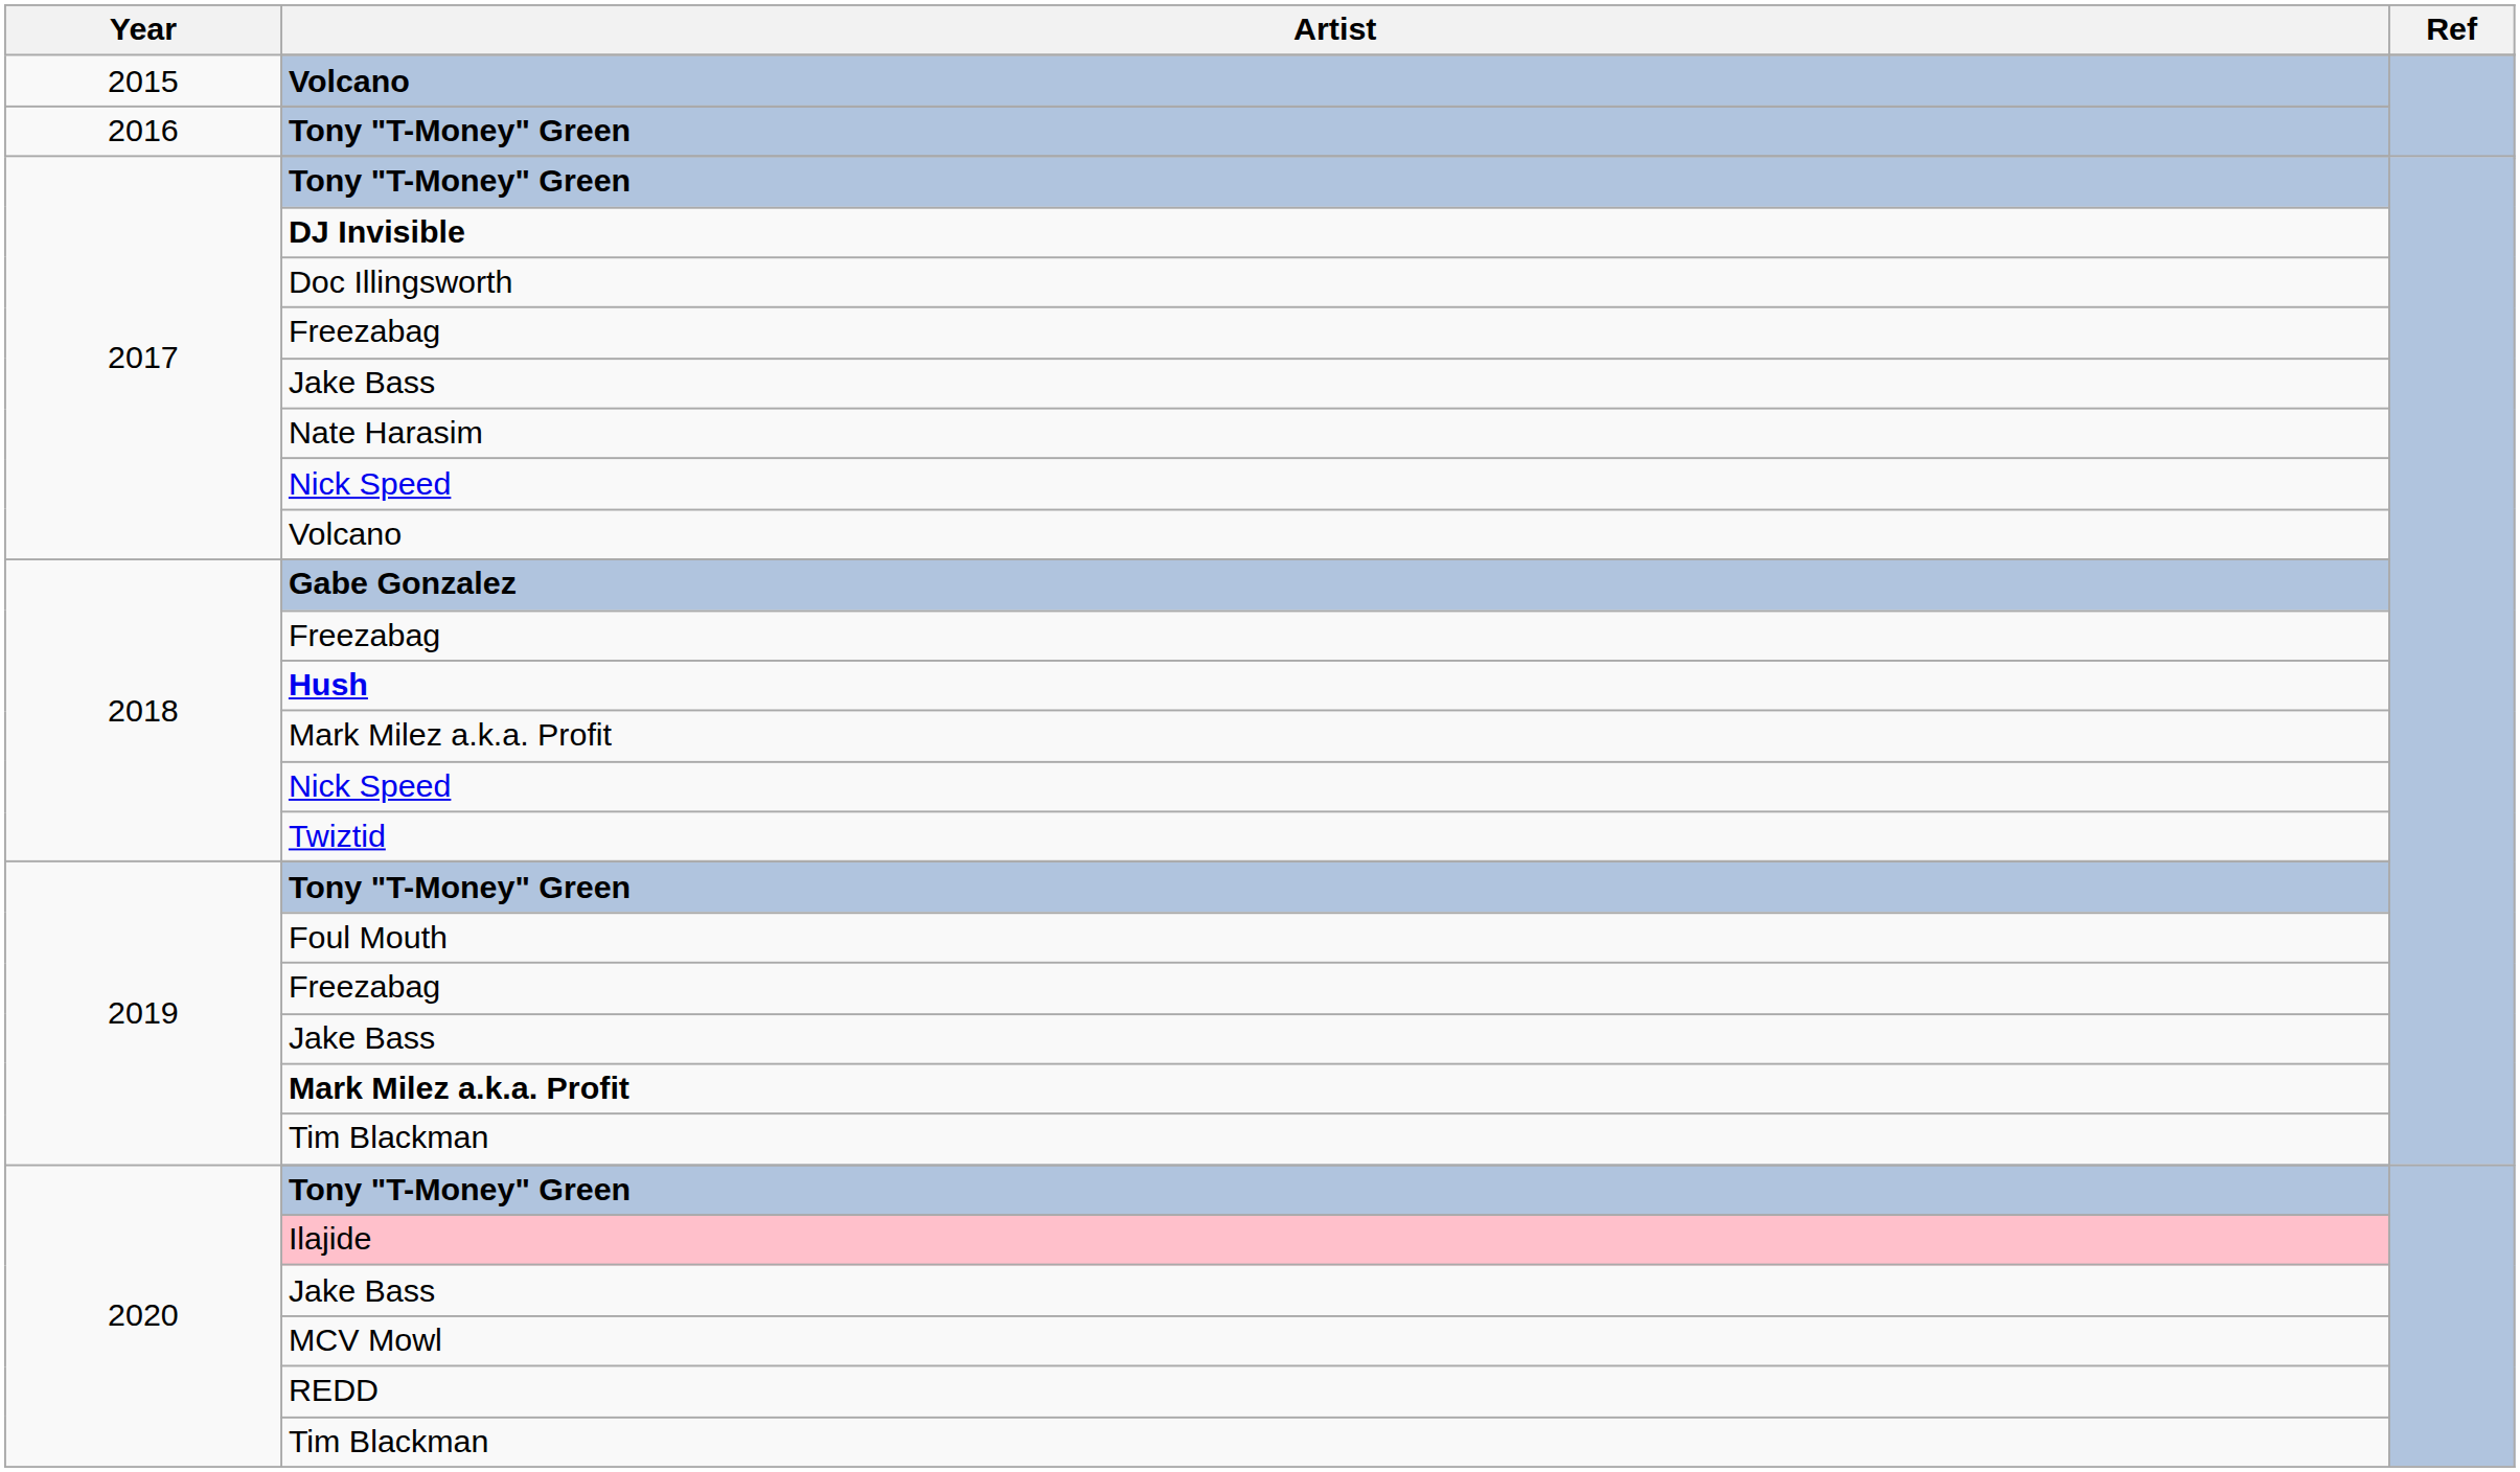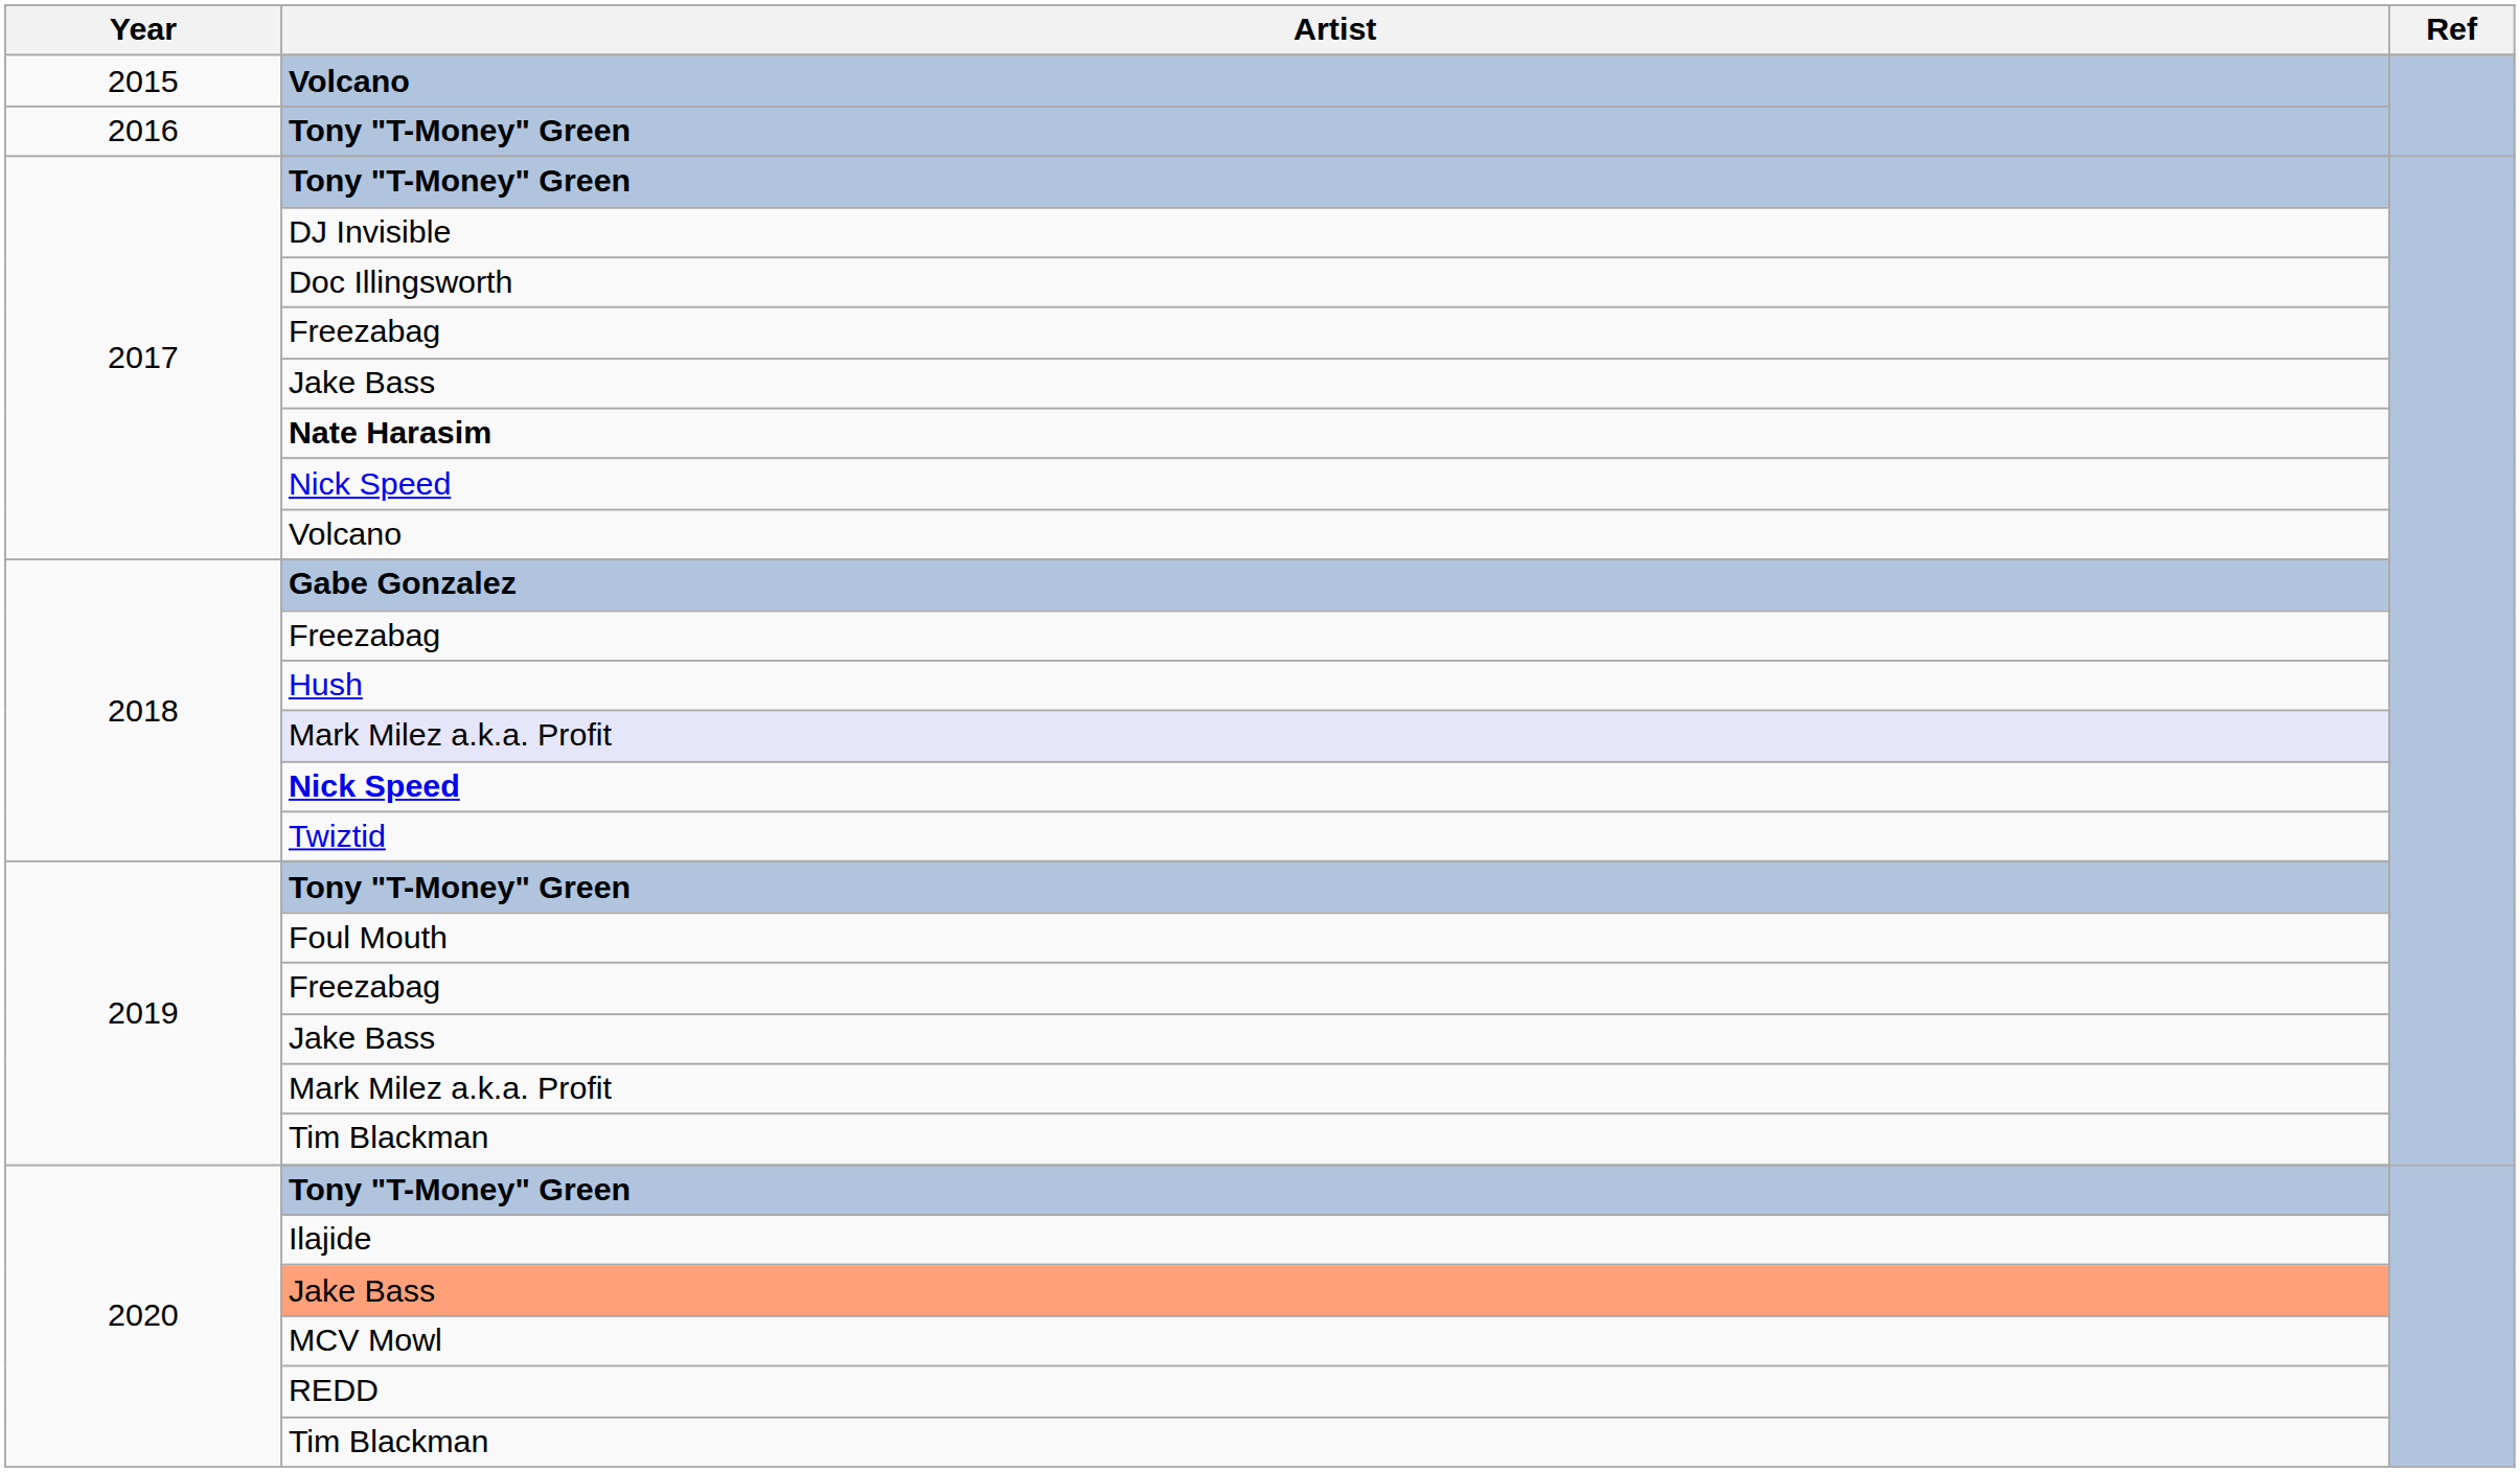 <table class="wikitable" style="width:100%;">
 <tr>
 <th style="width:11%;">Year</th>
 <th style="width:84%;">Artist</th>
 <th style="width:5%;">Ref</th>
 </tr>
 <tr>
 <td rowspan="2" align="center">2015</td>
 </tr>
 <tr style="background:#B0C4DE">
 <td><strong>Volcano</strong></td>
 <td rowspan="4" align="center"></td>
 </tr>
 <tr>
 <td rowspan="2" align="center">2016</td>
 </tr>
 <tr style="background:#B0C4DE">
 <td><strong>Tony "T-Money" Green</strong></td>
 </tr>
 <tr>
 <td rowspan="9" align="center">2017</td>
 </tr>
 <tr style="background:#B0C4DE">
 <td><strong>Tony "T-Money" Green</strong></td>
 <td rowspan="23" align="center"></td>
 </tr>
 <tr>
-<td><strong>DJ Invisible</strong></td>
+<td>DJ Invisible</td>
 </tr>
 <tr>
 <td>Doc Illingsworth</td>
 </tr>
 <tr>
 <td>Freezabag</td>
 </tr>
 <tr>
 <td>Jake Bass</td>
 </tr>
 <tr>
-<td>Nate Harasim</td>
+<td><strong>Nate Harasim</strong></td>
 </tr>
 <tr>
 <td><a href='#'>Nick Speed</a></td>
 </tr>
 <tr>
 <td>Volcano</td>
 </tr>
 <tr>
 <td rowspan="7" align="center">2018</td>
 </tr>
 <tr style="background:#B0C4DE">
 <td><strong>Gabe Gonzalez</strong></td>
 </tr>
 <tr>
 <td>Freezabag</td>
 </tr>
 <tr>
-<td><strong><a href='#'>Hush</a></strong></td>
+<td><a href='#'>Hush</a></td>
 </tr>
 <tr>
-<td>Mark Milez a.k.a. Profit</td>
+<td style="background: lavender;">Mark Milez a.k.a. Profit</td>
 </tr>
 <tr>
-<td><a href='#'>Nick Speed</a></td>
+<td><strong><a href='#'>Nick Speed</a></strong></td>
 </tr>
 <tr>
 <td><a href='#'>Twiztid</a></td>
 </tr>
 <tr>
 <td rowspan="7" align="center">2019</td>
 </tr>
 <tr style="background:#B0C4DE">
 <td><strong>Tony "T-Money" Green</strong></td>
 </tr>
 <tr>
 <td>Foul Mouth</td>
 </tr>
 <tr>
 <td>Freezabag</td>
 </tr>
 <tr>
 <td>Jake Bass</td>
 </tr>
 <tr>
-<td><strong>Mark Milez a.k.a. Profit</strong></td>
+<td>Mark Milez a.k.a. Profit</td>
 </tr>
 <tr>
 <td>Tim Blackman</td>
 </tr>
 <tr>
 <td rowspan="7" align="center">2020</td>
 </tr>
 <tr style="background:#B0C4DE">
 <td><strong>Tony "T-Money" Green</strong></td>
 <td rowspan="6" align="center"></td>
 </tr>
 <tr>
-<td style="background: pink;">Ilajide</td>
+<td>Ilajide</td>
 </tr>
 <tr>
-<td>Jake Bass</td>
+<td style="background: lightsalmon;">Jake Bass</td>
 </tr>
 <tr>
 <td>MCV Mowl</td>
 </tr>
 <tr>
 <td>REDD</td>
 </tr>
 <tr>
 <td>Tim Blackman</td>
 </tr>
 <tr>
 </tr>
 </table>
